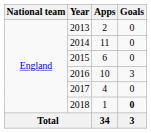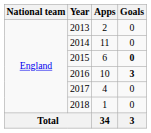 <table class="wikitable" style="text-align: center;">
 <tr>
 <th>National team</th>
 <th>Year</th>
 <th>Apps</th>
 <th>Goals</th>
 </tr>
 <tr>
 <td rowspan=6><a href='#'>England</a></td>
 <td>2013</td>
 <td>2</td>
 <td>0</td>
 </tr>
 <tr>
 <td>2014</td>
 <td>11</td>
 <td>0</td>
 </tr>
 <tr>
 <td>2015</td>
 <td>6</td>
-<td>0</td>
+<td><strong>0</strong></td>
 </tr>
 <tr>
 <td>2016</td>
 <td>10</td>
-<td>3</td>
+<td><strong>3</strong></td>
 </tr>
 <tr>
 <td>2017</td>
 <td>4</td>
 <td>0</td>
 </tr>
 <tr>
 <td>2018</td>
 <td>1</td>
-<td><strong>0</strong></td>
+<td>0</td>
 </tr>
 <tr>
 <th colspan=2>Total</th>
 <th>34</th>
 <th>3</th>
 </tr>
 </table>
